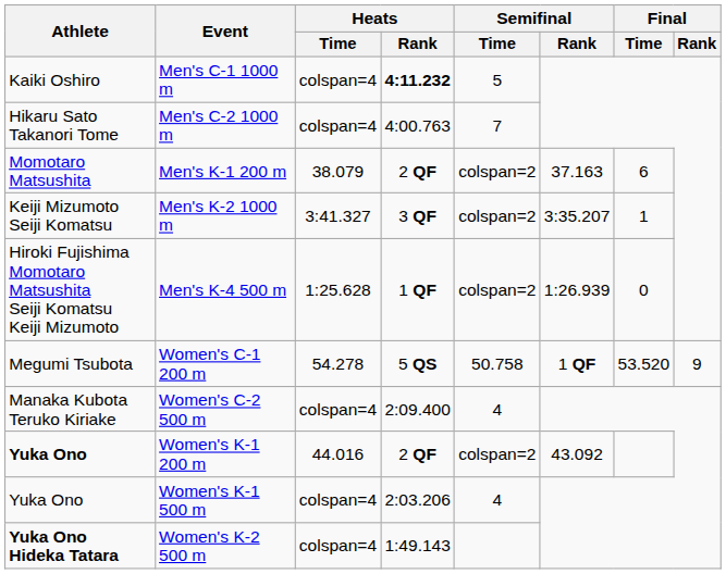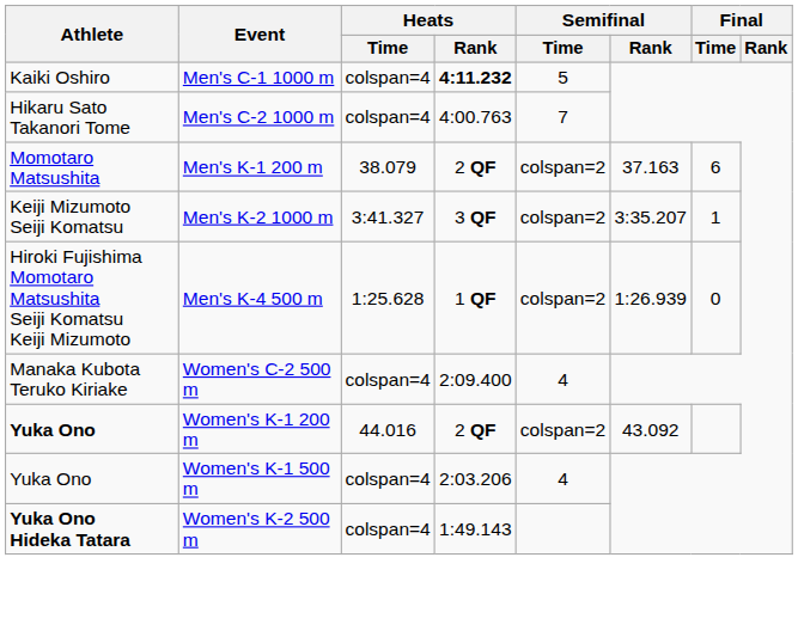 <table class=wikitable style=font-size:90%;text-align:center>
 <tr>
 <th rowspan=2>Athlete</th>
 <th rowspan=2>Event</th>
 <th colspan=2>Heats</th>
 <th colspan=2>Semifinal</th>
 <th colspan=2>Final</th>
 </tr>
 <tr style="font-size:95%">
 <th>Time</th>
 <th>Rank</th>
 <th>Time</th>
 <th>Rank</th>
 <th>Time</th>
 <th>Rank</th>
 </tr>
 <tr>
 <td style="text-align:left">Kaiki Oshiro</td>
 <td style="text-align:left"><a href='#'>Men's C-1 1000 m</a></td>
 <td>colspan=4 </td>
 <td><strong>4:11.232</strong></td>
 <td>5</td>
 </tr>
 <tr>
 <td style="text-align:left">Hikaru Sato<br>Takanori Tome</td>
 <td style="text-align:left"><a href='#'>Men's C-2 1000 m</a></td>
 <td>colspan=4 </td>
 <td>4:00.763</td>
 <td>7</td>
 </tr>
 <tr>
 <td style="text-align:left"><a href='#'>Momotaro Matsushita</a></td>
 <td style="text-align:left"><a href='#'>Men's K-1 200 m</a></td>
 <td>38.079</td>
 <td>2 <strong>QF</strong></td>
 <td>colspan=2 </td>
 <td>37.163</td>
 <td>6</td>
 </tr>
 <tr>
 <td style="text-align:left">Keiji Mizumoto<br>Seiji Komatsu</td>
 <td style="text-align:left"><a href='#'>Men's K-2 1000 m</a></td>
 <td>3:41.327</td>
 <td>3 <strong>QF</strong></td>
 <td>colspan=2 </td>
 <td>3:35.207</td>
 <td>1</td>
 </tr>
 <tr>
 <td style="text-align:left">Hiroki Fujishima<br><a href='#'>Momotaro Matsushita</a><br>Seiji Komatsu<br>Keiji Mizumoto</td>
 <td style="text-align:left"><a href='#'>Men's K-4 500 m</a></td>
 <td>1:25.628</td>
 <td>1 <strong>QF</strong></td>
 <td>colspan=2 </td>
 <td>1:26.939</td>
 <td>0</td>
 </tr>
 <tr>
-<td style="text-align:left">Megumi Tsubota</td>
-<td style="text-align:left"><a href='#'>Women's C-1 200 m</a></td>
-<td>54.278</td>
-<td>5 <strong>QS</strong></td>
-<td>50.758</td>
-<td>1 <strong>QF</strong></td>
-<td>53.520</td>
-<td>9</td>
-</tr>
-<tr>
 <td style="text-align:left">Manaka Kubota<br>Teruko Kiriake</td>
 <td style="text-align:left"><a href='#'>Women's C-2 500 m</a></td>
 <td>colspan=4 </td>
 <td>2:09.400</td>
 <td>4</td>
 </tr>
 <tr>
 <td style="text-align:left"><strong>Yuka Ono</strong></td>
 <td style="text-align:left"><a href='#'>Women's K-1 200 m</a></td>
 <td>44.016</td>
 <td>2 <strong>QF</strong></td>
 <td>colspan=2 </td>
 <td>43.092</td>
 <td></td>
 </tr>
 <tr>
 <td style="text-align:left">Yuka Ono</td>
 <td style="text-align:left"><a href='#'>Women's K-1 500 m</a></td>
 <td>colspan=4 </td>
 <td>2:03.206</td>
 <td>4</td>
 </tr>
 <tr>
 <td style="text-align:left"><strong>Yuka Ono<br>Hideka Tatara</strong></td>
 <td style="text-align:left"><a href='#'>Women's K-2 500 m</a></td>
 <td>colspan=4 </td>
 <td>1:49.143</td>
 <td></td>
 </tr>
 </table>
